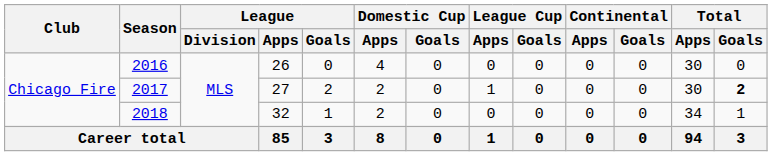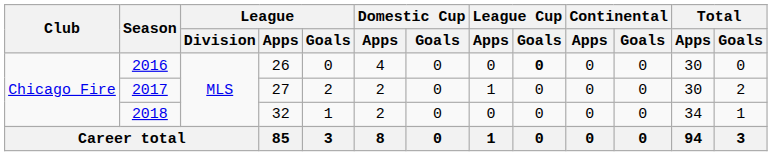 <table class="wikitable" style="text-align: center;">
 <tr>
 <th rowspan="2">Club</th>
 <th rowspan="2">Season</th>
 <th colspan="3">League</th>
 <th colspan="2">Domestic Cup</th>
 <th colspan="2">League Cup</th>
 <th colspan="2">Continental</th>
 <th colspan="2">Total</th>
 </tr>
 <tr>
 <th>Division</th>
 <th>Apps</th>
 <th>Goals</th>
 <th>Apps</th>
 <th>Goals</th>
 <th>Apps</th>
 <th>Goals</th>
 <th>Apps</th>
 <th>Goals</th>
 <th>Apps</th>
 <th>Goals</th>
 </tr>
 <tr>
 <td rowspan="3"><a href='#'>Chicago Fire</a></td>
 <td><a href='#'>2016</a></td>
 <td rowspan="3"><a href='#'>MLS</a></td>
 <td>26</td>
 <td>0</td>
 <td>4</td>
 <td>0</td>
 <td>0</td>
-<td>0</td>
+<td><strong>0</strong></td>
 <td>0</td>
 <td>0</td>
 <td>30</td>
 <td>0</td>
 </tr>
 <tr>
 <td><a href='#'>2017</a></td>
 <td>27</td>
 <td>2</td>
 <td>2</td>
 <td>0</td>
 <td>1</td>
 <td>0</td>
 <td>0</td>
 <td>0</td>
 <td>30</td>
-<td><strong>2</strong></td>
+<td>2</td>
 </tr>
 <tr>
 <td><a href='#'>2018</a></td>
 <td>32</td>
 <td>1</td>
 <td>2</td>
 <td>0</td>
 <td>0</td>
 <td>0</td>
 <td>0</td>
 <td>0</td>
 <td>34</td>
 <td>1</td>
 </tr>
 <tr>
 <th colspan="3">Career total</th>
 <th>85</th>
 <th>3</th>
 <th>8</th>
 <th>0</th>
 <th>1</th>
 <th>0</th>
 <th>0</th>
 <th>0</th>
 <th>94</th>
 <th>3</th>
 </tr>
 </table>
